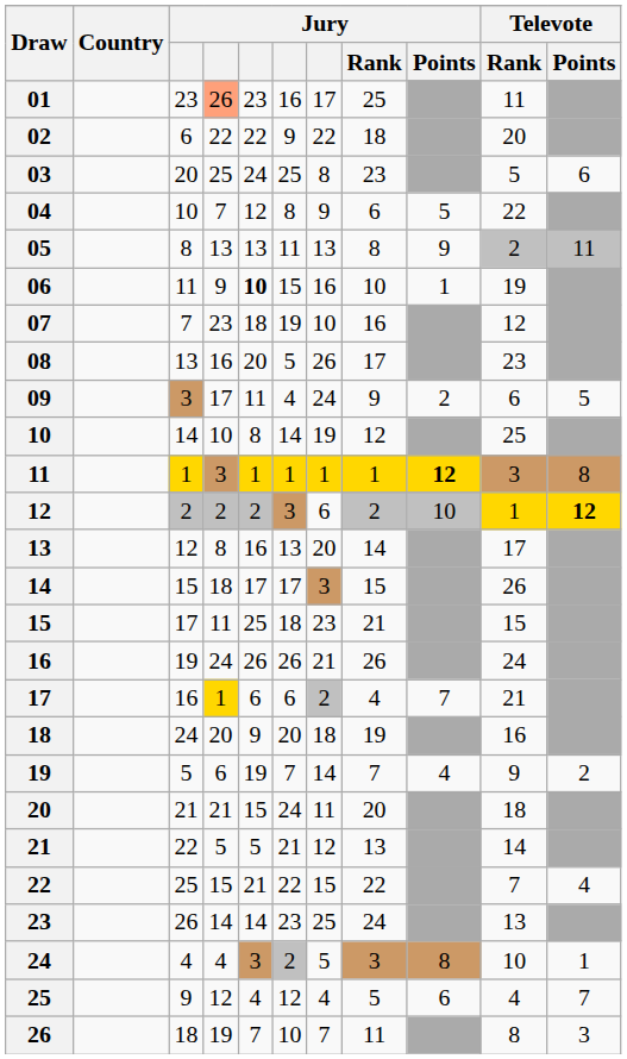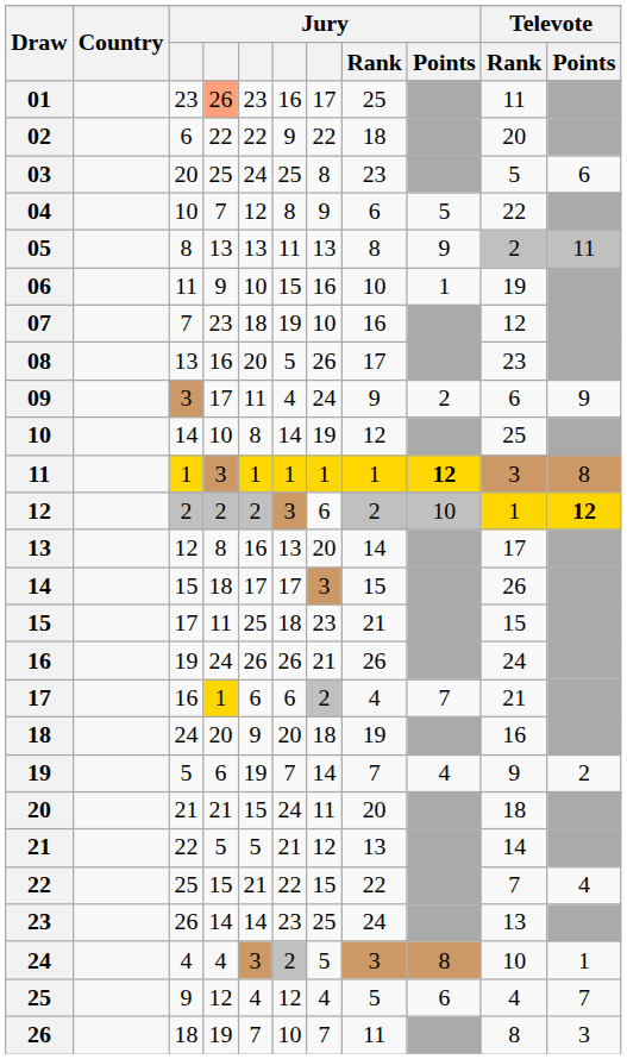 <table class="sortable wikitable collapsible plainrowheaders" style="text-align:center;">
 <tr>
 </tr>
 <tr>
 <th scope="col" rowspan="2">Draw</th>
 <th scope="col" rowspan="2">Country</th>
 <th scope="col" colspan="7">Jury</th>
 <th scope="col" colspan="2">Televote</th>
 </tr>
 <tr>
 <th scope="col"><small></small></th>
 <th scope="col"><small></small></th>
 <th scope="col"><small></small></th>
 <th scope="col"><small></small></th>
 <th scope="col"><small></small></th>
 <th scope="col">Rank</th>
 <th scope="col">Points</th>
 <th scope="col">Rank</th>
 <th scope="col">Points</th>
 </tr>
 <tr>
 <th scope="row" style="text-align:center;">01</th>
 <td style="text-align:left;"></td>
 <td>23</td>
 <td style="background: lightsalmon;">26</td>
 <td>23</td>
 <td>16</td>
 <td>17</td>
 <td>25</td>
 <td style="background:#AAAAAA;"></td>
 <td>11</td>
 <td style="background:#AAAAAA;"></td>
 </tr>
 <tr>
 <th scope="row" style="text-align:center;">02</th>
 <td style="text-align:left;"></td>
 <td>6</td>
 <td>22</td>
 <td>22</td>
 <td>9</td>
 <td>22</td>
 <td>18</td>
 <td style="background:#AAAAAA;"></td>
 <td>20</td>
 <td style="background:#AAAAAA;"></td>
 </tr>
 <tr>
 <th scope="row" style="text-align:center;">03</th>
 <td style="text-align:left;"></td>
 <td>20</td>
 <td>25</td>
 <td>24</td>
 <td>25</td>
 <td>8</td>
 <td>23</td>
 <td style="background:#AAAAAA;"></td>
 <td>5</td>
 <td>6</td>
 </tr>
 <tr>
 <th scope="row" style="text-align:center;">04</th>
 <td style="text-align:left;"></td>
 <td>10</td>
 <td>7</td>
 <td>12</td>
 <td>8</td>
 <td>9</td>
 <td>6</td>
 <td>5</td>
 <td>22</td>
 <td style="background:#AAAAAA;"></td>
 </tr>
 <tr>
 <th scope="row" style="text-align:center;">05</th>
 <td style="text-align:left;"></td>
 <td>8</td>
 <td>13</td>
 <td>13</td>
 <td>11</td>
 <td>13</td>
 <td>8</td>
 <td>9</td>
 <td style="background:silver;">2</td>
 <td style="background:silver;">11</td>
 </tr>
 <tr>
 <th scope="row" style="text-align:center;">06</th>
 <td style="text-align:left;"></td>
 <td>11</td>
 <td>9</td>
-<td><strong>10</strong></td>
+<td>10</td>
 <td>15</td>
 <td>16</td>
 <td>10</td>
 <td>1</td>
 <td>19</td>
 <td style="background:#AAAAAA;"></td>
 </tr>
 <tr>
 <th scope="row" style="text-align:center;">07</th>
 <td style="text-align:left;"></td>
 <td>7</td>
 <td>23</td>
 <td>18</td>
 <td>19</td>
 <td>10</td>
 <td>16</td>
 <td style="background:#AAAAAA;"></td>
 <td>12</td>
 <td style="background:#AAAAAA;"></td>
 </tr>
 <tr>
 <th scope="row" style="text-align:center;">08</th>
 <td style="text-align:left;"></td>
 <td>13</td>
 <td>16</td>
 <td>20</td>
 <td>5</td>
 <td>26</td>
 <td>17</td>
 <td style="background:#AAAAAA;"></td>
 <td>23</td>
 <td style="background:#AAAAAA;"></td>
 </tr>
 <tr>
 <th scope="row" style="text-align:center;">09</th>
 <td style="text-align:left;"></td>
 <td style="background:#CC9966;">3</td>
 <td>17</td>
 <td>11</td>
 <td>4</td>
 <td>24</td>
 <td>9</td>
 <td>2</td>
 <td>6</td>
-<td>5</td>
+<td>9</td>
 </tr>
 <tr>
 <th scope="row" style="text-align:center;">10</th>
 <td style="text-align:left;"></td>
 <td>14</td>
 <td>10</td>
 <td>8</td>
 <td>14</td>
 <td>19</td>
 <td>12</td>
 <td style="background:#AAAAAA;"></td>
 <td>25</td>
 <td style="background:#AAAAAA;"></td>
 </tr>
 <tr>
 <th scope="row" style="text-align:center;">11</th>
 <td style="text-align:left;"></td>
 <td style="background:gold;">1</td>
 <td style="background:#CC9966;">3</td>
 <td style="background:gold;">1</td>
 <td style="background:gold;">1</td>
 <td style="background:gold;">1</td>
 <td style="background:gold;">1</td>
 <td style="background:gold;"><strong>12</strong></td>
 <td style="background:#CC9966;">3</td>
 <td style="background:#CC9966;">8</td>
 </tr>
 <tr>
 <th scope="row" style="text-align:center;">12</th>
 <td style="text-align:left;"></td>
 <td style="background:silver;">2</td>
 <td style="background:silver;">2</td>
 <td style="background:silver;">2</td>
 <td style="background:#CC9966;">3</td>
 <td>6</td>
 <td style="background:silver;">2</td>
 <td style="background:silver;">10</td>
 <td style="background:gold;">1</td>
 <td style="background:gold;"><strong>12</strong></td>
 </tr>
 <tr>
 <th scope="row" style="text-align:center;">13</th>
 <td style="text-align:left;"></td>
 <td>12</td>
 <td>8</td>
 <td>16</td>
 <td>13</td>
 <td>20</td>
 <td>14</td>
 <td style="background:#AAAAAA;"></td>
 <td>17</td>
 <td style="background:#AAAAAA;"></td>
 </tr>
 <tr>
 <th scope="row" style="text-align:center;">14</th>
 <td style="text-align:left;"></td>
 <td>15</td>
 <td>18</td>
 <td>17</td>
 <td>17</td>
 <td style="background:#CC9966;">3</td>
 <td>15</td>
 <td style="background:#AAAAAA;"></td>
 <td>26</td>
 <td style="background:#AAAAAA;"></td>
 </tr>
 <tr>
 <th scope="row" style="text-align:center;">15</th>
 <td style="text-align:left;"></td>
 <td>17</td>
 <td>11</td>
 <td>25</td>
 <td>18</td>
 <td>23</td>
 <td>21</td>
 <td style="background:#AAAAAA;"></td>
 <td>15</td>
 <td style="background:#AAAAAA;"></td>
 </tr>
 <tr>
 <th scope="row" style="text-align:center;">16</th>
 <td style="text-align:left;"></td>
 <td>19</td>
 <td>24</td>
 <td>26</td>
 <td>26</td>
 <td>21</td>
 <td>26</td>
 <td style="background:#AAAAAA;"></td>
 <td>24</td>
 <td style="background:#AAAAAA;"></td>
 </tr>
 <tr>
 <th scope="row" style="text-align:center;">17</th>
 <td style="text-align:left;"></td>
 <td>16</td>
 <td style="background:gold;">1</td>
 <td>6</td>
 <td>6</td>
 <td style="background:silver;">2</td>
 <td>4</td>
 <td>7</td>
 <td>21</td>
 <td style="background:#AAAAAA;"></td>
 </tr>
 <tr>
 <th scope="row" style="text-align:center;">18</th>
 <td style="text-align:left;"></td>
 <td>24</td>
 <td>20</td>
 <td>9</td>
 <td>20</td>
 <td>18</td>
 <td>19</td>
 <td style="background:#AAAAAA;"></td>
 <td>16</td>
 <td style="background:#AAAAAA;"></td>
 </tr>
 <tr>
 <th scope="row" style="text-align:center;">19</th>
 <td style="text-align:left;"></td>
 <td>5</td>
 <td>6</td>
 <td>19</td>
 <td>7</td>
 <td>14</td>
 <td>7</td>
 <td>4</td>
 <td>9</td>
 <td>2</td>
 </tr>
 <tr>
 <th scope="row" style="text-align:center;">20</th>
 <td style="text-align:left;"></td>
 <td>21</td>
 <td>21</td>
 <td>15</td>
 <td>24</td>
 <td>11</td>
 <td>20</td>
 <td style="background:#AAAAAA;"></td>
 <td>18</td>
 <td style="background:#AAAAAA;"></td>
 </tr>
 <tr>
 <th scope="row" style="text-align:center;">21</th>
 <td style="text-align:left;"></td>
 <td>22</td>
 <td>5</td>
 <td>5</td>
 <td>21</td>
 <td>12</td>
 <td>13</td>
 <td style="background:#AAAAAA;"></td>
 <td>14</td>
 <td style="background:#AAAAAA;"></td>
 </tr>
 <tr>
 <th scope="row" style="text-align:center;">22</th>
 <td style="text-align:left;"></td>
 <td>25</td>
 <td>15</td>
 <td>21</td>
 <td>22</td>
 <td>15</td>
 <td>22</td>
 <td style="background:#AAAAAA;"></td>
 <td>7</td>
 <td>4</td>
 </tr>
 <tr>
 <th scope="row" style="text-align:center;">23</th>
 <td style="text-align:left;"></td>
 <td>26</td>
 <td>14</td>
 <td>14</td>
 <td>23</td>
 <td>25</td>
 <td>24</td>
 <td style="background:#AAAAAA;"></td>
 <td>13</td>
 <td style="background:#AAAAAA;"></td>
 </tr>
 <tr>
 <th scope="row" style="text-align:center;">24</th>
 <td style="text-align:left;"></td>
 <td>4</td>
 <td>4</td>
 <td style="background:#CC9966;">3</td>
 <td style="background:silver;">2</td>
 <td>5</td>
 <td style="background:#CC9966;">3</td>
 <td style="background:#CC9966;">8</td>
 <td>10</td>
 <td>1</td>
 </tr>
 <tr>
 <th scope="row" style="text-align:center;">25</th>
 <td style="text-align:left;"></td>
 <td>9</td>
 <td>12</td>
 <td>4</td>
 <td>12</td>
 <td>4</td>
 <td>5</td>
 <td>6</td>
 <td>4</td>
 <td>7</td>
 </tr>
 <tr>
 <th scope="row" style="text-align:center;">26</th>
 <td style="text-align:left;"></td>
 <td>18</td>
 <td>19</td>
 <td>7</td>
 <td>10</td>
 <td>7</td>
 <td>11</td>
 <td style="background:#AAAAAA;"></td>
 <td>8</td>
 <td>3</td>
 </tr>
 </table>
